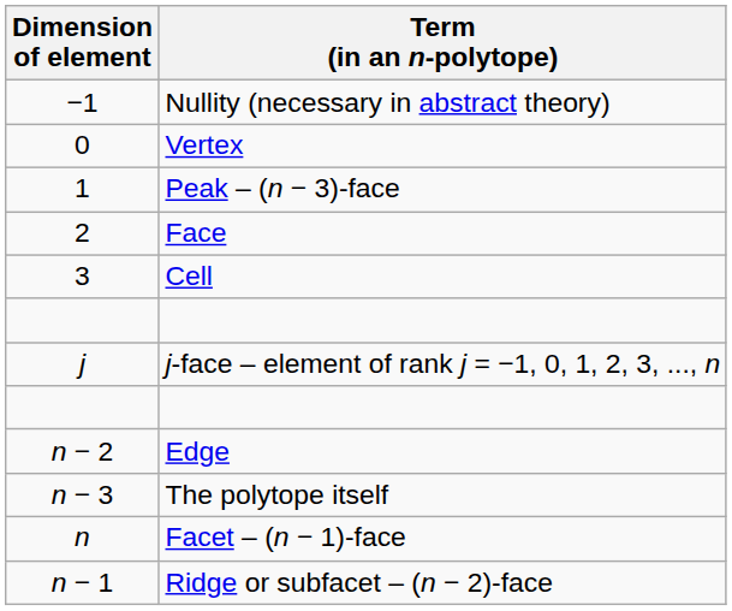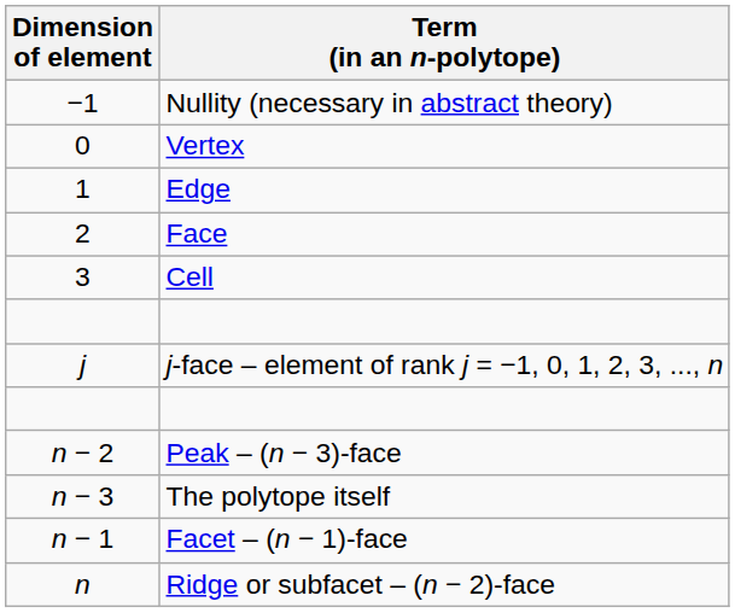 <table class="wikitable">
 <tr>
 <th>Dimension<br>of element</th>
 <th>Term<br>(in an <em>n</em>-polytope)</th>
 </tr>
 <tr>
 <td align=center>−1</td>
 <td>Nullity (necessary in <a href='#'>abstract</a> theory)</td>
 </tr>
 <tr>
 <td align=center>0</td>
 <td><a href='#'>Vertex</a></td>
 </tr>
 <tr>
 <td align=center>1</td>
-<td><a href='#'>Peak</a> – (<em>n</em> − 3)-face</td>
+<td><a href='#'>Edge</a></td>
 </tr>
 <tr>
 <td align=center>2</td>
 <td><a href='#'>Face</a></td>
 </tr>
 <tr>
 <td align=center>3</td>
 <td><a href='#'>Cell</a></td>
 </tr>
 <tr>
 <td align=center></td>
 <td> </td>
 </tr>
 <tr>
 <td align=center><em>j</em></td>
 <td><em>j</em>-face – element of rank <em>j</em> = −1, 0, 1, 2, 3, ..., <em>n</em></td>
 </tr>
 <tr>
 <td align=center></td>
 <td> </td>
 </tr>
 <tr>
 <td align=center><em>n</em> − 2</td>
-<td><a href='#'>Edge</a></td>
+<td><a href='#'>Peak</a> – (<em>n</em> − 3)-face</td>
 </tr>
 <tr>
 <td align=center><em>n</em> − 3</td>
 <td>The polytope itself</td>
 </tr>
 <tr>
-<td align=center><em>n</em></td>
+<td align=center><em>n</em> − 1</td>
 <td><a href='#'>Facet</a> – (<em>n</em> − 1)-face</td>
 </tr>
 <tr>
-<td align=center><em>n</em> − 1</td>
+<td align=center><em>n</em></td>
 <td><a href='#'>Ridge</a> or subfacet – (<em>n</em> − 2)-face</td>
 </tr>
 </table>
